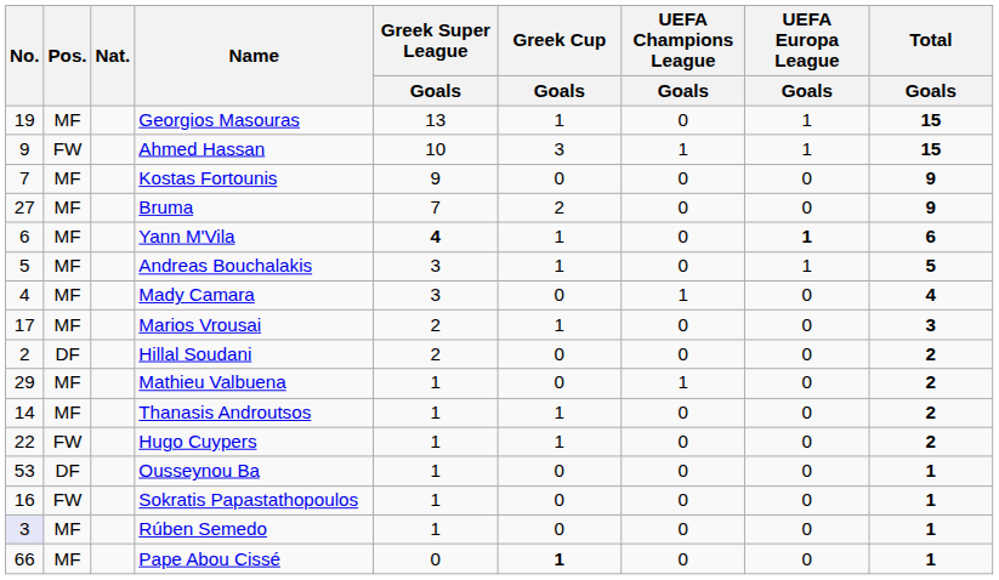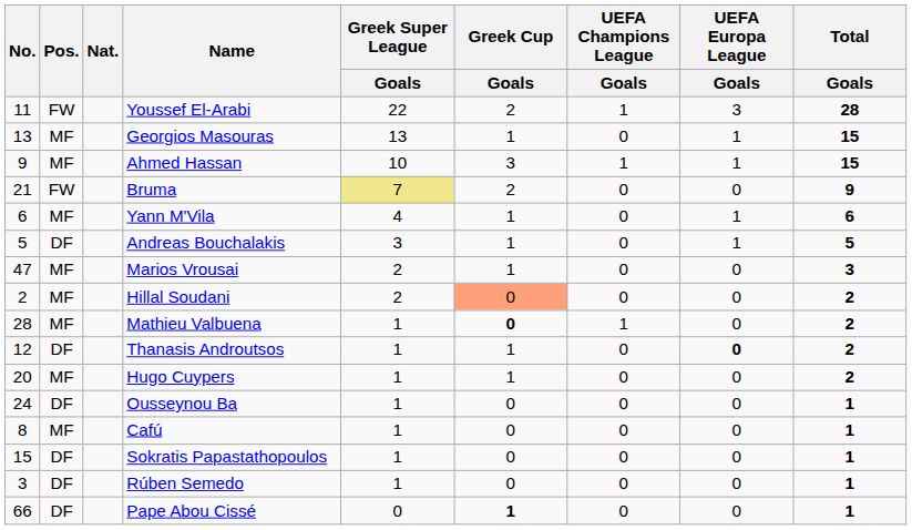 <table class="wikitable sortable" style="text-align:center">
 <tr>
 <th style="text-align:center;" rowspan="2">No.</th>
 <th style="text-align:center;" rowspan="2">Pos.</th>
 <th style="text-align:center;" rowspan="2">Nat.</th>
 <th style="text-align:center; width:200px;" rowspan="2">Name</th>
 <th style="text-align:center; width:100px;">Greek Super League</th>
 <th style="text-align:center; width:100px;">Greek Cup</th>
 <th style="text-align:center; width:100px;">UEFA Champions League</th>
 <th style="text-align:center; width:100px;">UEFA Europa League</th>
 <th style="text-align:center; width:100px;">Total</th>
 </tr>
 <tr>
 <th style="text-align:center;">Goals</th>
 <th style="text-align:center;">Goals</th>
 <th style="text-align:center;">Goals</th>
 <th style="text-align:center;">Goals</th>
 <th style="text-align:center;">Goals</th>
 </tr>
 <tr>
-<td>19</td>
+<td>11</td>
+<td>FW</td>
+<td></td>
+<td align=left><a href='#'>Youssef El-Arabi</a></td>
+<td>22</td>
+<td>2</td>
+<td>1</td>
+<td>3</td>
+<td><strong>28</strong></td>
+</tr>
+<tr>
+<td>13</td>
 <td>MF</td>
 <td></td>
 <td align=left><a href='#'>Georgios Masouras</a></td>
 <td>13</td>
 <td>1</td>
 <td>0</td>
 <td>1</td>
 <td><strong>15</strong></td>
 </tr>
 <tr>
 <td>9</td>
-<td>FW</td>
+<td>MF</td>
 <td></td>
 <td align=left><a href='#'>Ahmed Hassan</a></td>
 <td>10</td>
 <td>3</td>
 <td>1</td>
 <td>1</td>
 <td><strong>15</strong></td>
 </tr>
 <tr>
-<td>7</td>
-<td>MF</td>
-<td></td>
-<td align=left><a href='#'>Kostas Fortounis</a></td>
-<td>9</td>
-<td>0</td>
-<td>0</td>
-<td>0</td>
-<td><strong>9</strong></td>
-</tr>
-<tr>
-<td>27</td>
-<td>MF</td>
+<td>21</td>
+<td>FW</td>
 <td></td>
 <td align=left><a href='#'>Bruma</a></td>
-<td>7</td>
+<td style="background: khaki;">7</td>
 <td>2</td>
 <td>0</td>
 <td>0</td>
 <td><strong>9</strong></td>
 </tr>
 <tr>
 <td>6</td>
 <td>MF</td>
 <td></td>
 <td align=left><a href='#'>Yann M'Vila</a></td>
-<td><strong>4</strong></td>
+<td>4</td>
 <td>1</td>
 <td>0</td>
-<td><strong>1</strong></td>
+<td>1</td>
 <td><strong>6</strong></td>
 </tr>
 <tr>
 <td>5</td>
-<td>MF</td>
+<td>DF</td>
 <td></td>
 <td align=left><a href='#'>Andreas Bouchalakis</a></td>
 <td>3</td>
 <td>1</td>
 <td>0</td>
 <td>1</td>
 <td><strong>5</strong></td>
 </tr>
 <tr>
-<td>4</td>
-<td>MF</td>
-<td></td>
-<td align=left><a href='#'>Mady Camara</a></td>
-<td>3</td>
-<td>0</td>
-<td>1</td>
-<td>0</td>
-<td><strong>4</strong></td>
-</tr>
-<tr>
-<td>17</td>
+<td>47</td>
 <td>MF</td>
 <td></td>
 <td align=left><a href='#'>Marios Vrousai</a></td>
 <td>2</td>
 <td>1</td>
 <td>0</td>
 <td>0</td>
 <td><strong>3</strong></td>
 </tr>
 <tr>
 <td>2</td>
-<td>DF</td>
+<td>MF</td>
 <td></td>
 <td align=left><a href='#'>Hillal Soudani</a></td>
 <td>2</td>
-<td>0</td>
+<td style="background: lightsalmon;">0</td>
 <td>0</td>
 <td>0</td>
 <td><strong>2</strong></td>
 </tr>
 <tr>
-<td>29</td>
+<td>28</td>
 <td>MF</td>
 <td></td>
 <td align=left><a href='#'>Mathieu Valbuena</a></td>
 <td>1</td>
-<td>0</td>
+<td><strong>0</strong></td>
 <td>1</td>
 <td>0</td>
 <td><strong>2</strong></td>
 </tr>
 <tr>
-<td>14</td>
-<td>MF</td>
+<td>12</td>
+<td>DF</td>
 <td></td>
 <td align=left><a href='#'>Thanasis Androutsos</a></td>
 <td>1</td>
 <td>1</td>
 <td>0</td>
-<td>0</td>
+<td><strong>0</strong></td>
 <td><strong>2</strong></td>
 </tr>
 <tr>
-<td>22</td>
-<td>FW</td>
+<td>20</td>
+<td>MF</td>
 <td></td>
 <td align=left><a href='#'>Hugo Cuypers</a></td>
 <td>1</td>
 <td>1</td>
 <td>0</td>
 <td>0</td>
 <td><strong>2</strong></td>
 </tr>
 <tr>
-<td>53</td>
+<td>24</td>
 <td>DF</td>
 <td></td>
 <td align=left><a href='#'>Ousseynou Ba</a></td>
 <td>1</td>
 <td>0</td>
 <td>0</td>
 <td>0</td>
 <td><strong>1</strong></td>
 </tr>
 <tr>
-<td>16</td>
-<td>FW</td>
+<td>8</td>
+<td>MF</td>
+<td></td>
+<td align=left><a href='#'>Cafú</a></td>
+<td>1</td>
+<td>0</td>
+<td>0</td>
+<td>0</td>
+<td><strong>1</strong></td>
+</tr>
+<tr>
+<td>15</td>
+<td>DF</td>
 <td></td>
 <td align=left><a href='#'>Sokratis Papastathopoulos</a></td>
 <td>1</td>
 <td>0</td>
 <td>0</td>
 <td>0</td>
 <td><strong>1</strong></td>
 </tr>
 <tr>
-<td style="background: lavender;">3</td>
-<td>MF</td>
+<td>3</td>
+<td>DF</td>
 <td></td>
 <td align=left><a href='#'>Rúben Semedo</a></td>
 <td>1</td>
 <td>0</td>
 <td>0</td>
 <td>0</td>
 <td><strong>1</strong></td>
 </tr>
 <tr>
 <td>66</td>
-<td>MF</td>
+<td>DF</td>
 <td></td>
 <td align=left><a href='#'>Pape Abou Cissé</a></td>
 <td>0</td>
 <td><strong>1</strong></td>
 <td>0</td>
 <td>0</td>
 <td><strong>1</strong></td>
 </tr>
 </table>
